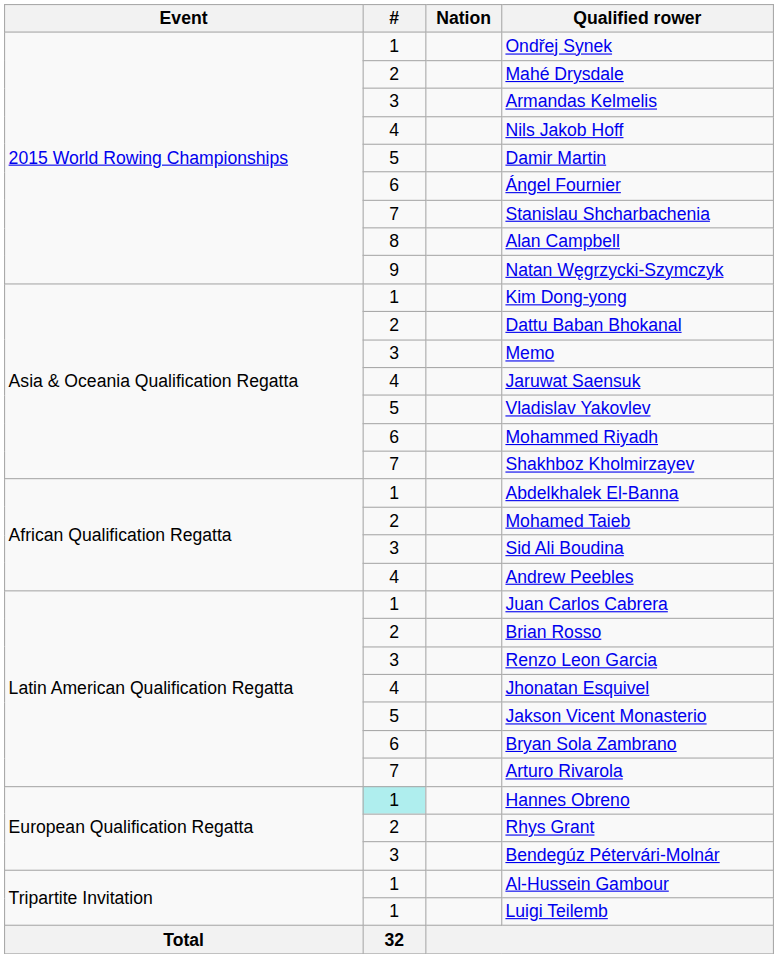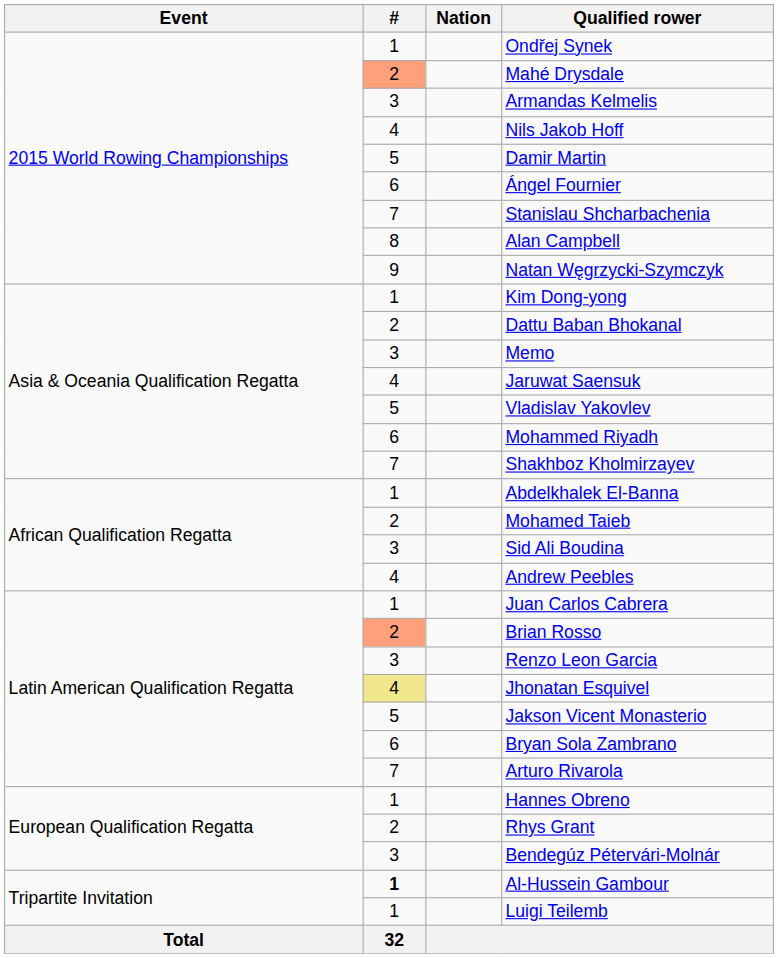 <table class="wikitable"  style="width:700px; text-align:center;">
 <tr>
 <th>Event</th>
 <th width=50>#</th>
 <th>Nation</th>
 <th>Qualified rower</th>
 </tr>
 <tr>
 <td rowspan=9 align=left><a href='#'>2015 World Rowing Championships</a></td>
 <td>1</td>
 <td align=left></td>
 <td align=left><a href='#'>Ondřej Synek</a></td>
 </tr>
 <tr>
-<td>2</td>
+<td style="background: lightsalmon;">2</td>
 <td align=left></td>
 <td align=left><a href='#'>Mahé Drysdale</a></td>
 </tr>
 <tr>
 <td>3</td>
 <td align=left></td>
 <td align=left><a href='#'>Armandas Kelmelis</a></td>
 </tr>
 <tr>
 <td>4</td>
 <td align=left></td>
 <td align=left><a href='#'>Nils Jakob Hoff</a></td>
 </tr>
 <tr>
 <td>5</td>
 <td align=left></td>
 <td align=left><a href='#'>Damir Martin</a></td>
 </tr>
 <tr>
 <td>6</td>
 <td align=left></td>
 <td align=left><a href='#'>Ángel Fournier</a></td>
 </tr>
 <tr>
 <td>7</td>
 <td align=left></td>
 <td align=left><a href='#'>Stanislau Shcharbachenia</a></td>
 </tr>
 <tr>
 <td>8</td>
 <td align=left></td>
 <td align=left><a href='#'>Alan Campbell</a></td>
 </tr>
 <tr>
 <td>9</td>
 <td align=left></td>
 <td align=left><a href='#'>Natan Węgrzycki-Szymczyk</a></td>
 </tr>
 <tr>
 <td rowspan=7 align=left>Asia & Oceania Qualification Regatta</td>
 <td>1</td>
 <td align=left></td>
 <td align=left><a href='#'>Kim Dong-yong</a></td>
 </tr>
 <tr>
 <td>2</td>
 <td align=left></td>
 <td align=left><a href='#'>Dattu Baban Bhokanal</a></td>
 </tr>
 <tr>
 <td>3</td>
 <td align=left></td>
 <td align=left><a href='#'>Memo</a></td>
 </tr>
 <tr>
 <td>4</td>
 <td align=left></td>
 <td align=left><a href='#'>Jaruwat Saensuk</a></td>
 </tr>
 <tr>
 <td>5</td>
 <td align=left></td>
 <td align=left><a href='#'>Vladislav Yakovlev</a></td>
 </tr>
 <tr>
 <td>6</td>
 <td align=left></td>
 <td align=left><a href='#'>Mohammed Riyadh</a></td>
 </tr>
 <tr>
 <td>7</td>
 <td align=left></td>
 <td align=left><a href='#'>Shakhboz Kholmirzayev</a></td>
 </tr>
 <tr>
 <td rowspan=4 align=left>African Qualification Regatta</td>
 <td>1</td>
 <td align=left></td>
 <td align=left><a href='#'>Abdelkhalek El-Banna</a></td>
 </tr>
 <tr>
 <td>2</td>
 <td align=left></td>
 <td align=left><a href='#'>Mohamed Taieb</a></td>
 </tr>
 <tr>
 <td>3</td>
 <td align=left></td>
 <td align=left><a href='#'>Sid Ali Boudina</a></td>
 </tr>
 <tr>
 <td>4</td>
 <td align=left></td>
 <td align=left><a href='#'>Andrew Peebles</a></td>
 </tr>
 <tr>
 <td rowspan=7 align=left>Latin American Qualification Regatta</td>
 <td>1</td>
 <td align=left></td>
 <td align=left><a href='#'>Juan Carlos Cabrera</a></td>
 </tr>
 <tr>
-<td>2</td>
+<td style="background: lightsalmon;">2</td>
 <td align=left></td>
 <td align=left><a href='#'>Brian Rosso</a></td>
 </tr>
 <tr>
 <td>3</td>
 <td align=left></td>
 <td align=left><a href='#'>Renzo Leon Garcia</a></td>
 </tr>
 <tr>
-<td>4</td>
+<td style="background: khaki;">4</td>
 <td align=left></td>
 <td align=left><a href='#'>Jhonatan Esquivel</a></td>
 </tr>
 <tr>
 <td>5</td>
 <td align=left></td>
 <td align=left><a href='#'>Jakson Vicent Monasterio</a></td>
 </tr>
 <tr>
 <td>6</td>
 <td align=left></td>
 <td align=left><a href='#'>Bryan Sola Zambrano</a></td>
 </tr>
 <tr>
 <td>7</td>
 <td align=left></td>
 <td align=left><a href='#'>Arturo Rivarola</a></td>
 </tr>
 <tr>
 <td rowspan=3 align=left>European Qualification Regatta</td>
-<td style="background: paleturquoise;">1</td>
+<td>1</td>
 <td align=left></td>
 <td align=left><a href='#'>Hannes Obreno</a></td>
 </tr>
 <tr>
 <td>2</td>
 <td align=left></td>
 <td align=left><a href='#'>Rhys Grant</a></td>
 </tr>
 <tr>
 <td>3</td>
 <td align=left></td>
 <td align=left><a href='#'>Bendegúz Pétervári-Molnár</a></td>
 </tr>
 <tr>
 <td rowspan=2 align=left>Tripartite Invitation</td>
-<td>1</td>
+<td><strong>1</strong></td>
 <td align=left></td>
 <td align=left><a href='#'>Al-Hussein Gambour</a></td>
 </tr>
 <tr>
 <td>1</td>
 <td align=left></td>
 <td align=left><a href='#'>Luigi Teilemb</a></td>
 </tr>
 <tr>
 <th>Total</th>
 <th>32</th>
 <th colspan=2></th>
 </tr>
 </table>
